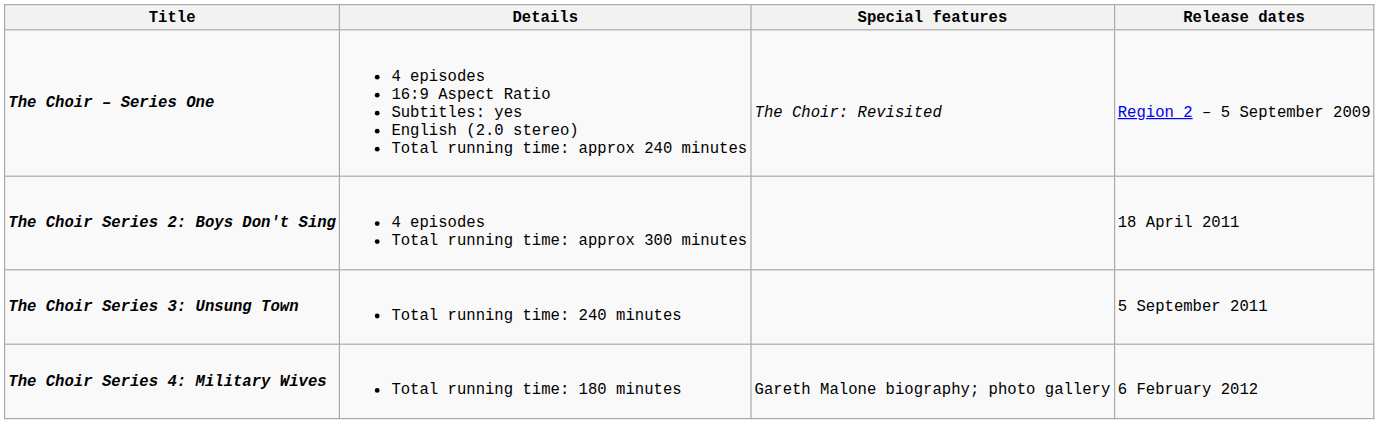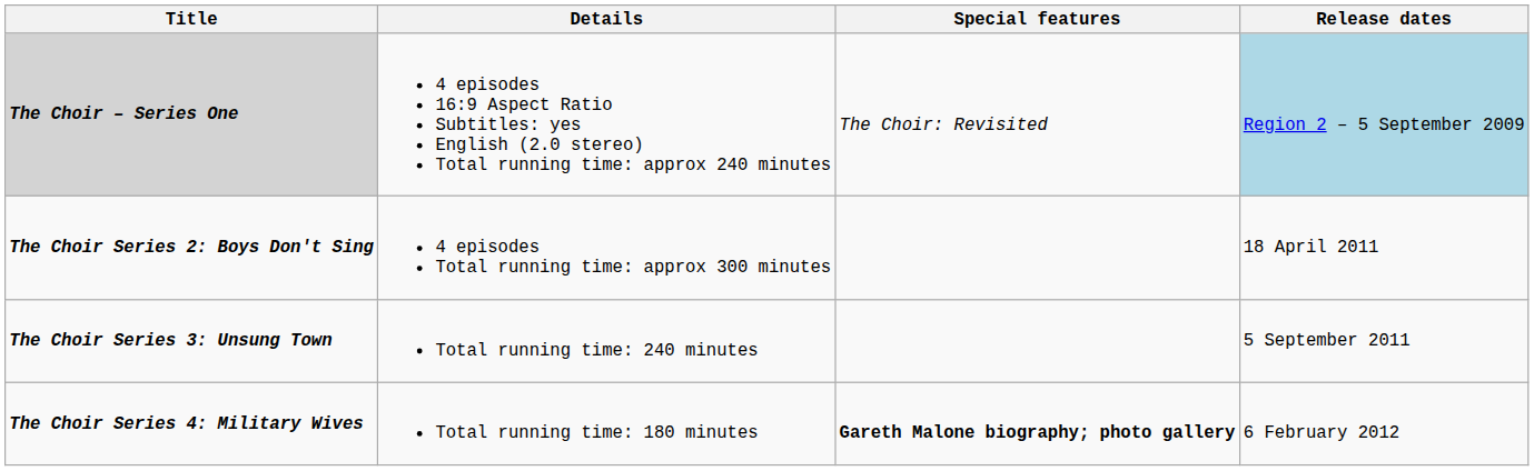 <table class="wikitable">
 <tr>
 <th>Title</th>
 <th>Details</th>
 <th>Special features</th>
 <th>Release dates</th>
 </tr>
 <tr>
-<td><strong><em>The Choir – Series One</em></strong></td>
+<td style="background: lightgrey;"><strong><em>The Choir – Series One</em></strong></td>
 <td><br><ul><li>4 episodes</li><li>16:9 Aspect Ratio</li><li>Subtitles: yes</li><li>English (2.0 stereo)</li><li>Total running time: approx 240 minutes</li></ul></td>
 <td><br><em>The Choir: Revisited</em></td>
-<td><br><a href='#'>Region 2</a> – 5 September 2009</td>
+<td style="background: lightblue;"><br><a href='#'>Region 2</a> – 5 September 2009</td>
 </tr>
 <tr>
 <td><strong><em>The Choir Series 2: Boys Don't Sing</em></strong></td>
 <td><br><ul><li>4 episodes</li><li>Total running time: approx 300 minutes</li></ul></td>
 <td></td>
 <td>18 April 2011</td>
 </tr>
 <tr>
 <td><strong><em>The Choir Series 3: Unsung Town</em></strong></td>
 <td><br><ul><li>Total running time: 240 minutes</li></ul></td>
 <td></td>
 <td>5 September 2011</td>
 </tr>
 <tr>
 <td><strong><em>The Choir Series 4: Military Wives</em></strong></td>
 <td><br><ul><li>Total running time: 180 minutes</li></ul></td>
-<td><br>Gareth Malone biography; photo gallery</td>
+<td><strong><br>Gareth Malone biography; photo gallery</strong></td>
 <td><br>6 February 2012</td>
 </tr>
 </table>
